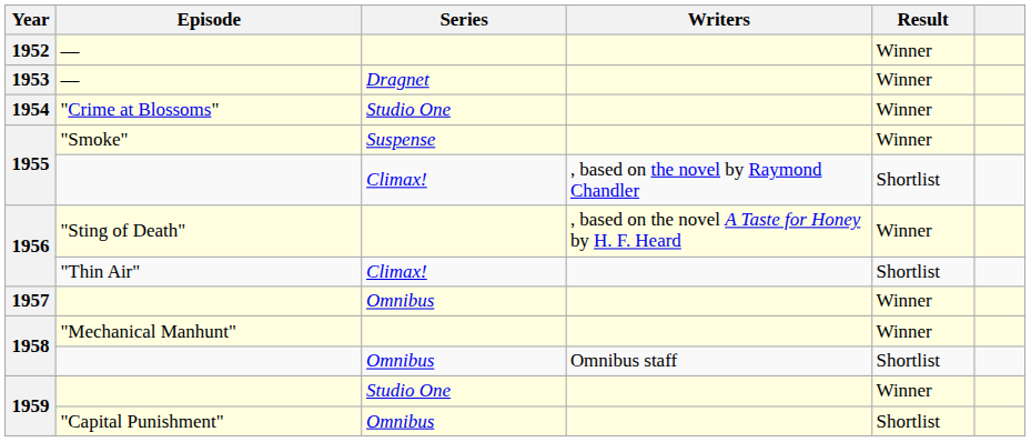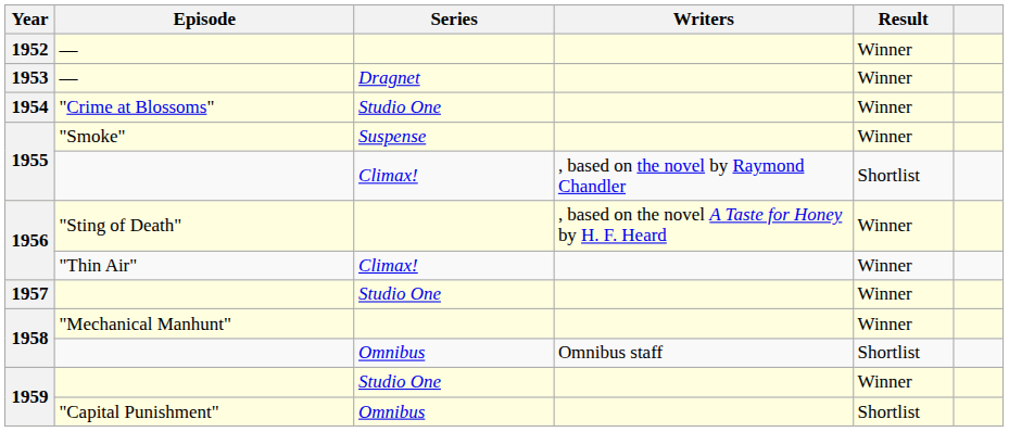 <table class="wikitable sortable" style="wdith:100%">
 <tr>
 <th scope="col" width="5%">Year</th>
 <th scope="col" width="30%">Episode</th>
 <th scope="col" width="20%">Series</th>
 <th scope="col" width="30%">Writers</th>
 <th scope="col" width="10%">Result</th>
 <th scope="col" width="5%"></th>
 </tr>
 <tr style="background:lightyellow;">
 <th>1952</th>
 <td>—</td>
 <td></td>
 <td></td>
 <td>Winner</td>
 <td></td>
 </tr>
 <tr style="background:lightyellow;">
 <th>1953</th>
 <td>—</td>
 <td><em><a href='#'>Dragnet</a></em></td>
 <td></td>
 <td>Winner</td>
 <td></td>
 </tr>
 <tr style="background:lightyellow;">
 <th><strong>1954</strong></th>
 <td>"<a href='#'>Crime at Blossoms</a>"</td>
 <td><em><a href='#'>Studio One</a></em></td>
 <td></td>
 <td>Winner</td>
 <td></td>
 </tr>
 <tr style="background:lightyellow;">
 <th rowspan="2"><strong>1955</strong></th>
 <td>"Smoke"</td>
 <td><em><a href='#'>Suspense</a></em></td>
 <td></td>
 <td>Winner</td>
 <td></td>
 </tr>
 <tr>
 <td></td>
 <td><em><a href='#'>Climax!</a></em></td>
 <td>, based on <a href='#'>the novel</a> by <a href='#'>Raymond Chandler</a></td>
 <td>Shortlist</td>
 <td></td>
 </tr>
 <tr style="background:lightyellow;">
 <th rowspan="2"><strong>1956</strong></th>
 <td>"Sting of Death"</td>
 <td></td>
 <td>, based on the novel <em><a href='#'>A Taste for Honey</a></em> by <a href='#'>H. F. Heard</a></td>
 <td>Winner</td>
 <td></td>
 </tr>
 <tr>
 <td>"Thin Air"</td>
 <td><em><a href='#'>Climax!</a></em></td>
 <td></td>
-<td>Shortlist</td>
+<td>Winner</td>
 <td></td>
 </tr>
 <tr style="background:lightyellow;">
 <th><strong>1957</strong></th>
 <td></td>
-<td><em><a href='#'>Omnibus</a></em></td>
+<td><em><a href='#'>Studio One</a></em></td>
 <td></td>
 <td>Winner</td>
 <td></td>
 </tr>
 <tr style="background:lightyellow;">
 <th rowspan="2"><strong>1958</strong></th>
 <td>"Mechanical Manhunt"</td>
 <td></td>
 <td></td>
 <td>Winner</td>
 <td></td>
 </tr>
 <tr>
 <td></td>
 <td><em><a href='#'>Omnibus</a></em></td>
 <td>Omnibus staff</td>
 <td>Shortlist</td>
 <td></td>
 </tr>
 <tr style="background:lightyellow;">
 <th rowspan="2"><strong>1959</strong></th>
 <td></td>
 <td><em><a href='#'>Studio One</a></em></td>
 <td></td>
 <td>Winner</td>
 <td></td>
 </tr>
 <tr style="background:lightyellow;">
 <td>"Capital Punishment"</td>
 <td><em><a href='#'>Omnibus</a></em></td>
 <td></td>
 <td>Shortlist</td>
 <td></td>
 </tr>
 </table>
